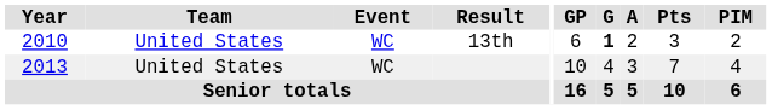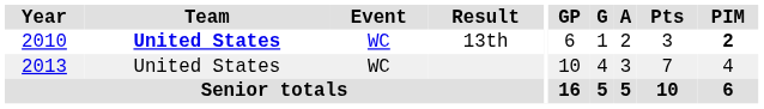 <table border="0" cellpadding="1" cellspacing="0" ID="Table3" style="text-align:center; width:40em">
 <tr ALIGN="center" bgcolor="#e0e0e0">
 <th>Year</th>
 <th>Team</th>
 <th>Event</th>
 <th>Result</th>
 <th rowspan="99" bgcolor="#ffffff"></th>
 <th>GP</th>
 <th>G</th>
 <th>A</th>
 <th>Pts</th>
 <th>PIM</th>
 </tr>
 <tr>
 <td><a href='#'>2010</a></td>
-<td><a href='#'>United States</a></td>
+<td><strong><a href='#'>United States</a></strong></td>
 <td><a href='#'>WC</a></td>
 <td>13th</td>
 <td>6</td>
-<td><strong>1</strong></td>
+<td>1</td>
 <td>2</td>
 <td>3</td>
-<td>2</td>
+<td><strong>2</strong></td>
 </tr>
 <tr bgcolor="#f0f0f0">
 <td><a href='#'>2013</a></td>
 <td>United States</td>
 <td>WC</td>
 <td></td>
 <td>10</td>
 <td>4</td>
 <td>3</td>
 <td>7</td>
 <td>4</td>
 </tr>
 <tr bgcolor="#e0e0e0">
 <th colspan="4">Senior totals</th>
 <th>16</th>
 <th>5</th>
 <th>5</th>
 <th>10</th>
 <th>6</th>
 </tr>
 </table>
